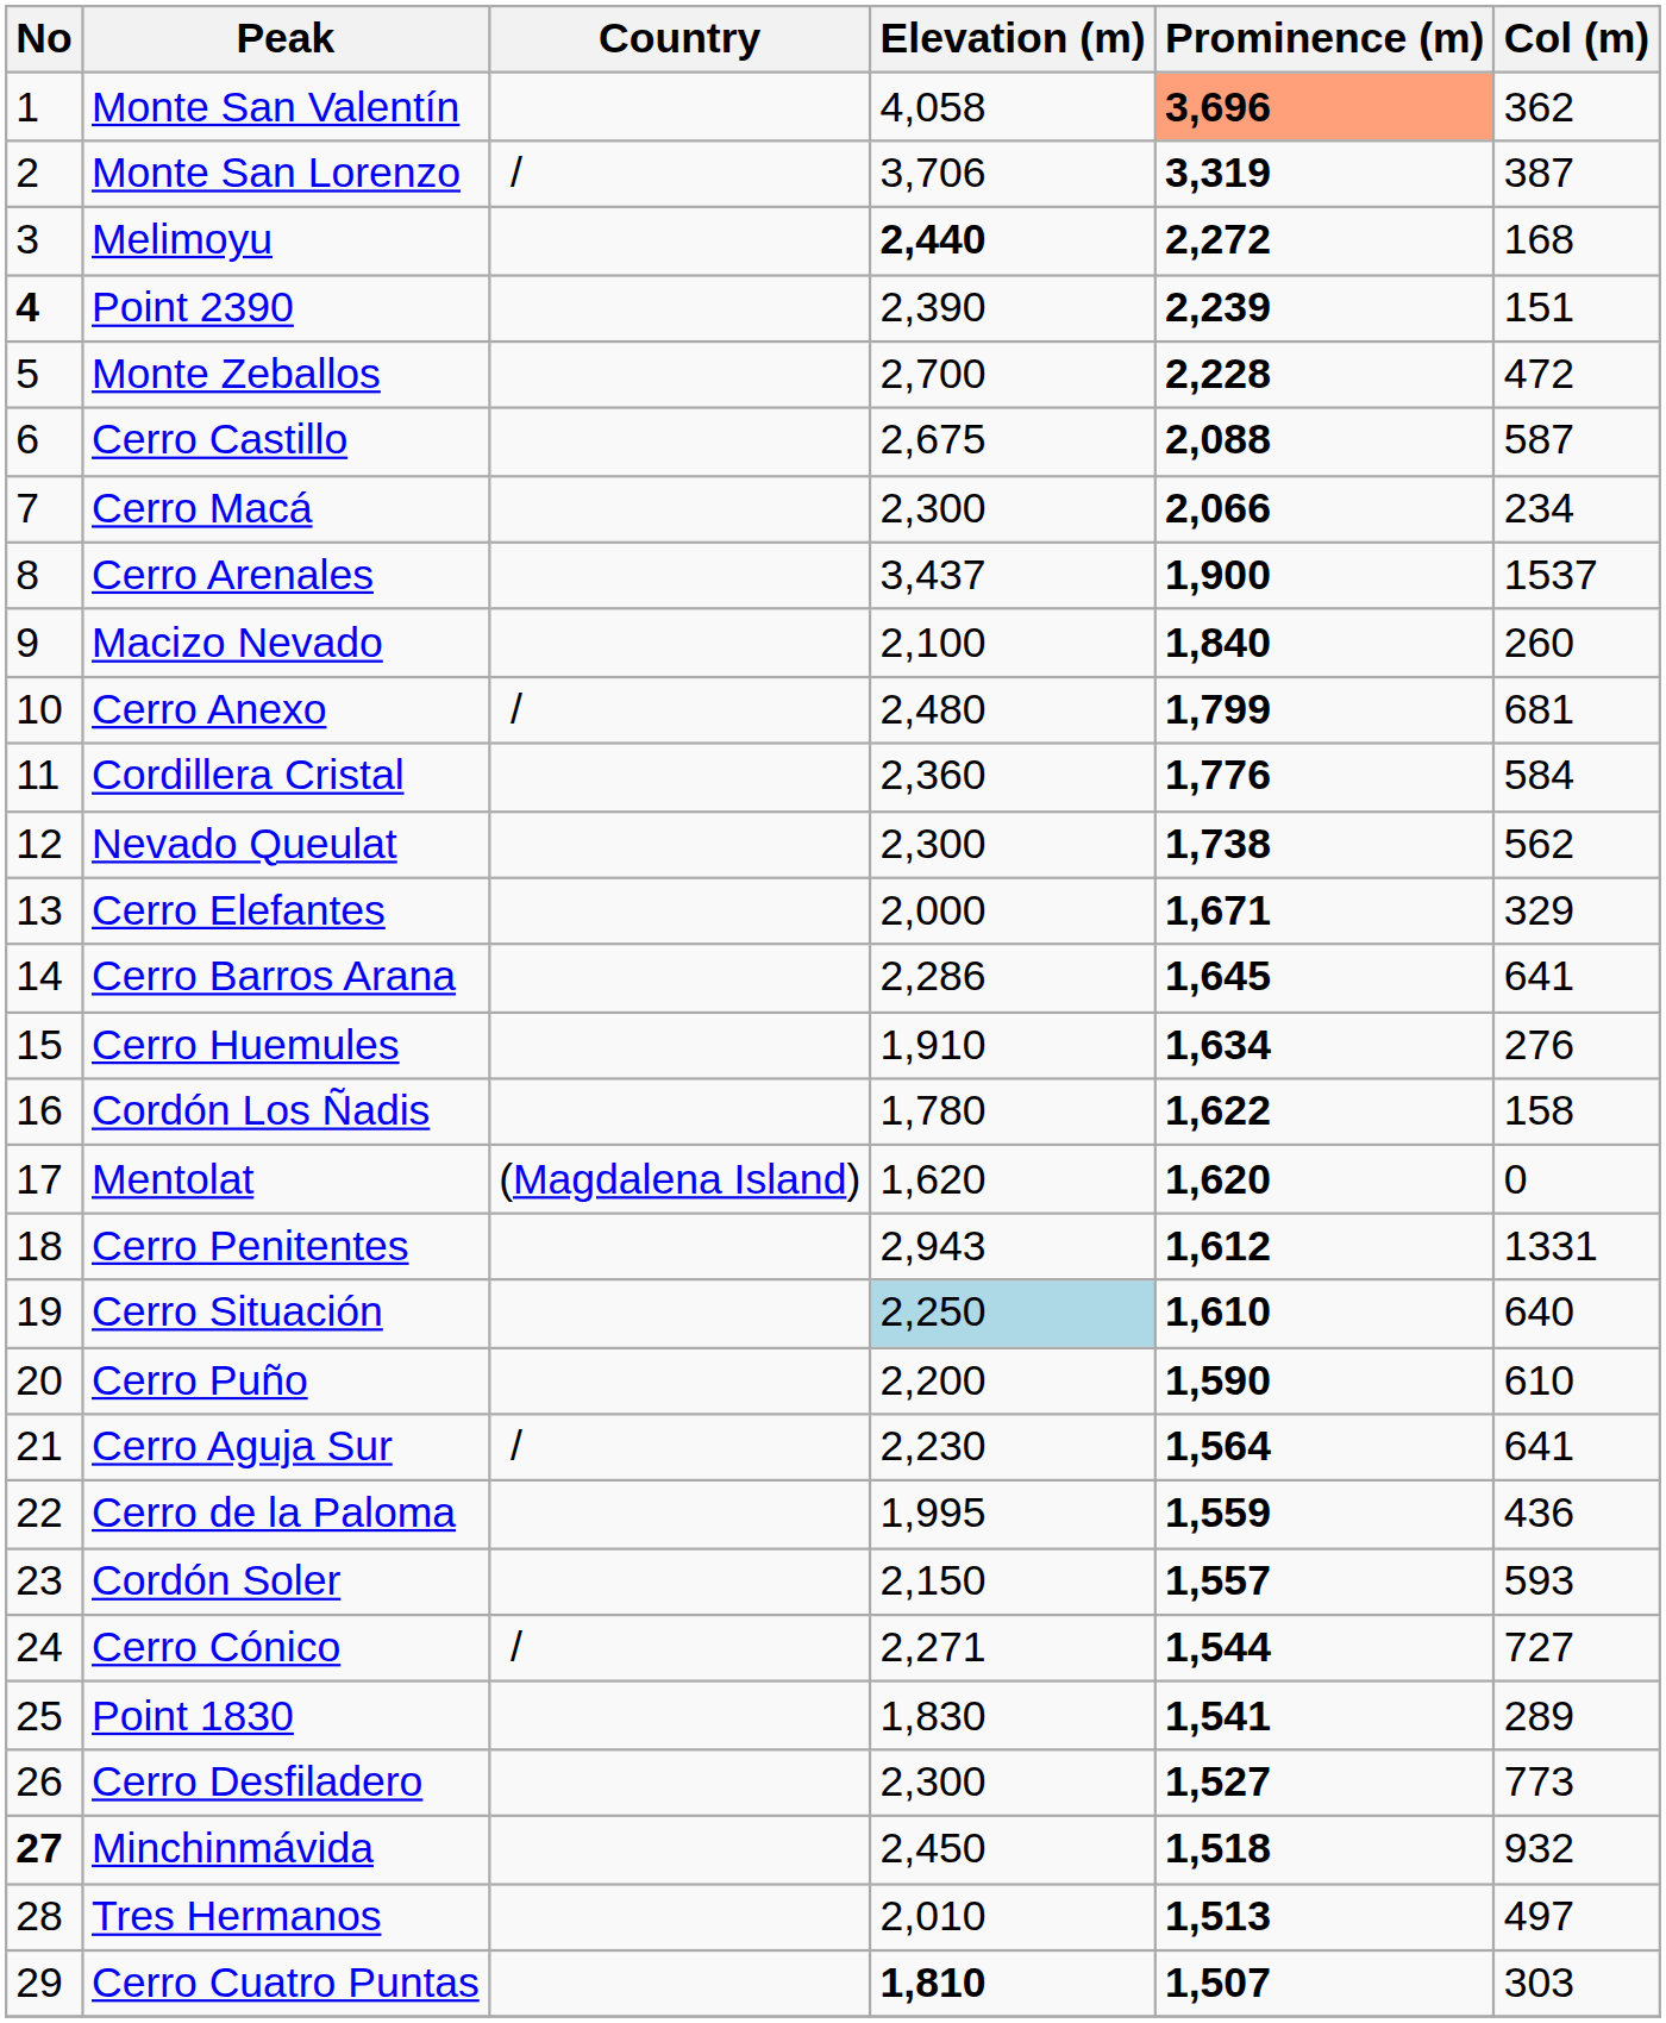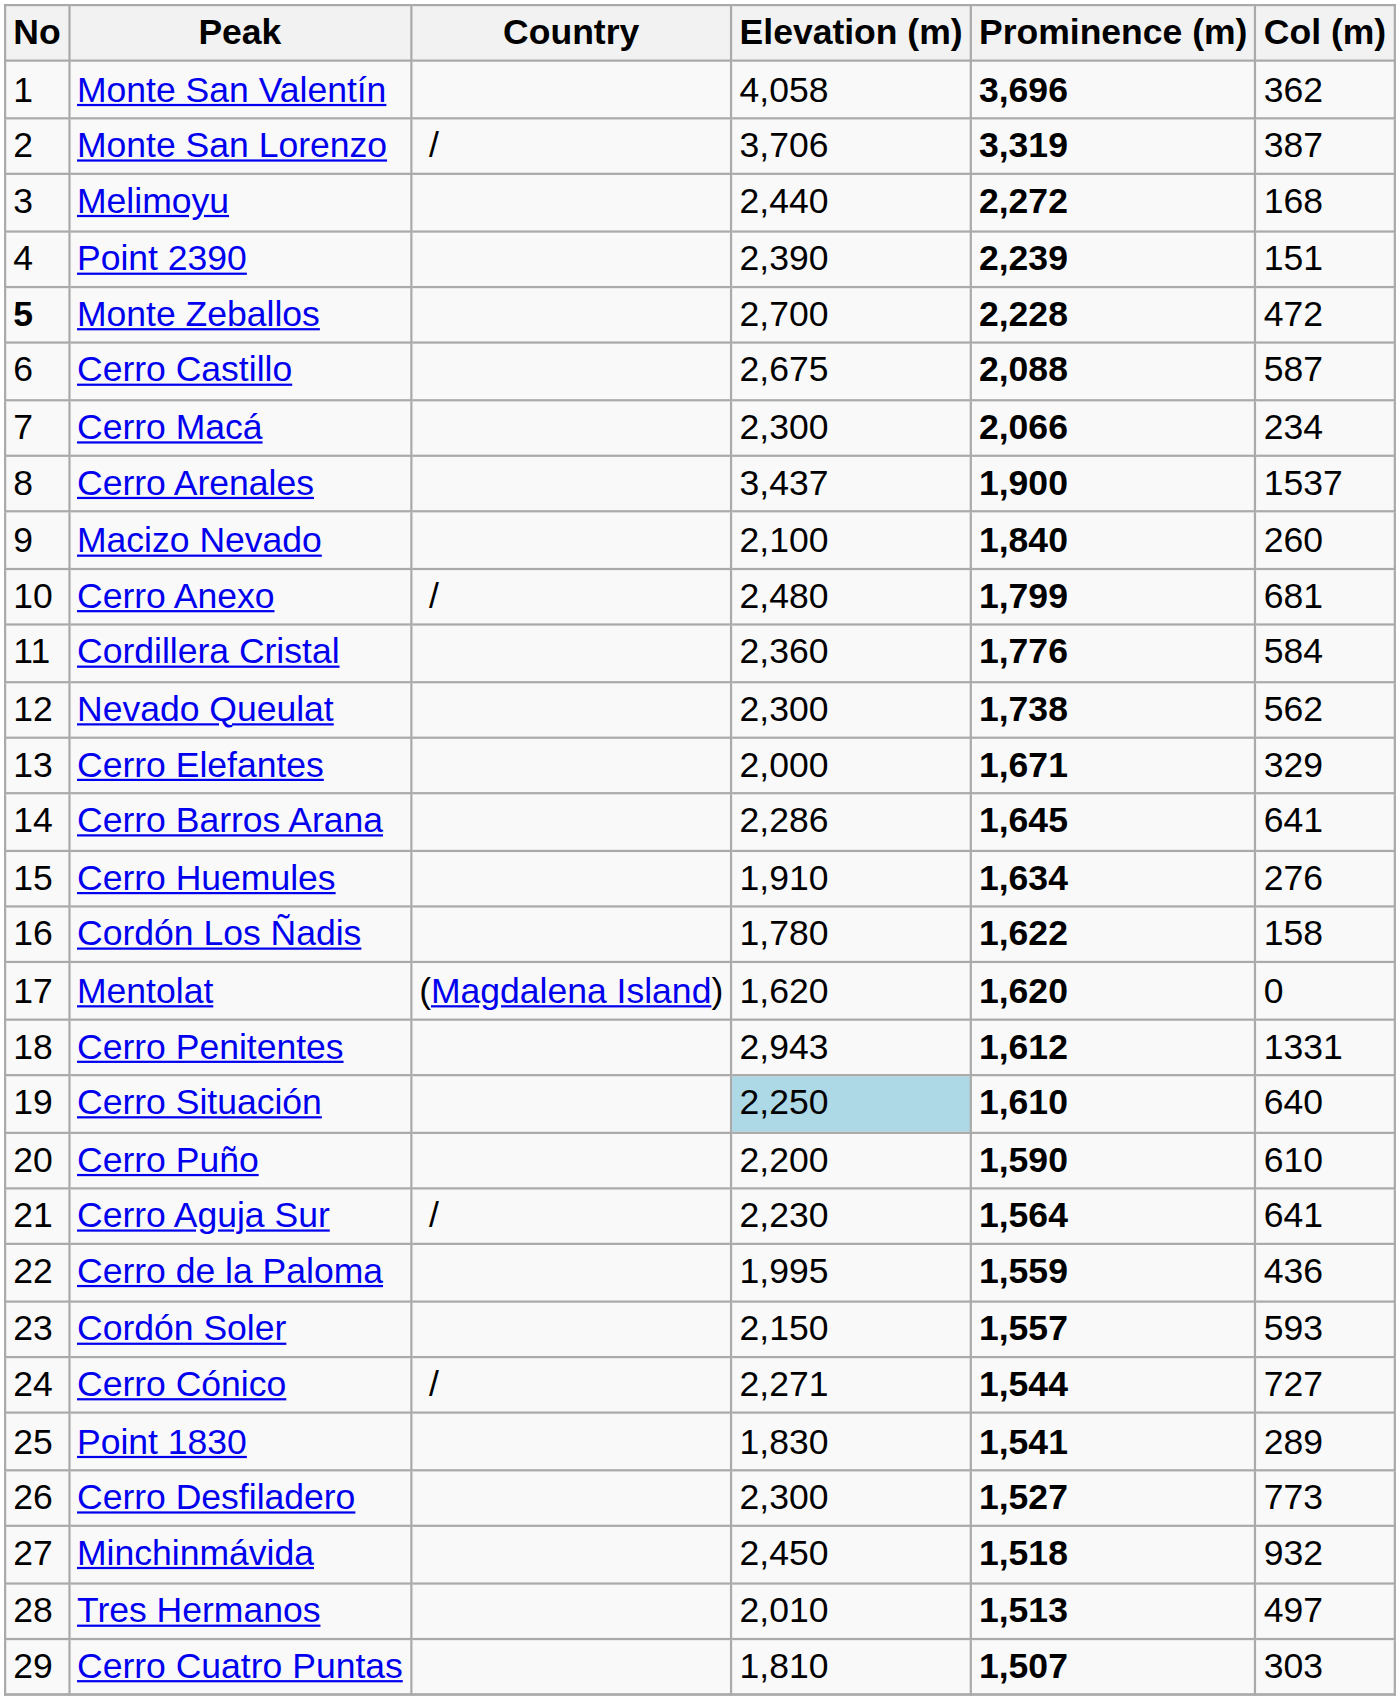 <table class="wikitable sortable">
 <tr>
 <th>No</th>
 <th>Peak</th>
 <th>Country</th>
 <th>Elevation (m)</th>
 <th>Prominence (m)</th>
 <th>Col (m)</th>
 </tr>
 <tr>
 <td>1</td>
 <td><a href='#'>Monte San Valentín</a></td>
 <td></td>
 <td>4,058</td>
-<td style="background: lightsalmon;"><strong>3,696</strong></td>
+<td><strong>3,696</strong></td>
 <td>362</td>
 </tr>
 <tr>
 <td>2</td>
 <td><a href='#'>Monte San Lorenzo</a></td>
 <td> / </td>
 <td>3,706</td>
 <td><strong>3,319</strong></td>
 <td>387</td>
 </tr>
 <tr>
 <td>3</td>
 <td><a href='#'>Melimoyu</a></td>
 <td></td>
-<td><strong>2,440</strong></td>
+<td>2,440</td>
 <td><strong>2,272</strong></td>
 <td>168</td>
 </tr>
 <tr>
-<td><strong>4</strong></td>
+<td>4</td>
 <td><a href='#'>Point 2390</a></td>
 <td></td>
 <td>2,390</td>
 <td><strong>2,239</strong></td>
 <td>151</td>
 </tr>
 <tr>
-<td>5</td>
+<td><strong>5</strong></td>
 <td><a href='#'>Monte Zeballos</a></td>
 <td></td>
 <td>2,700</td>
 <td><strong>2,228</strong></td>
 <td>472</td>
 </tr>
 <tr>
 <td>6</td>
 <td><a href='#'>Cerro Castillo</a></td>
 <td></td>
 <td>2,675</td>
 <td><strong>2,088</strong></td>
 <td>587</td>
 </tr>
 <tr>
 <td>7</td>
 <td><a href='#'>Cerro Macá</a></td>
 <td></td>
 <td>2,300</td>
 <td><strong>2,066</strong></td>
 <td>234</td>
 </tr>
 <tr>
 <td>8</td>
 <td><a href='#'>Cerro Arenales</a></td>
 <td></td>
 <td>3,437</td>
 <td><strong>1,900</strong></td>
 <td>1537</td>
 </tr>
 <tr>
 <td>9</td>
 <td><a href='#'>Macizo Nevado</a></td>
 <td></td>
 <td>2,100</td>
 <td><strong>1,840</strong></td>
 <td>260</td>
 </tr>
 <tr>
 <td>10</td>
 <td><a href='#'>Cerro Anexo</a></td>
 <td> / </td>
 <td>2,480</td>
 <td><strong>1,799</strong></td>
 <td>681</td>
 </tr>
 <tr>
 <td>11</td>
 <td><a href='#'>Cordillera Cristal</a></td>
 <td></td>
 <td>2,360</td>
 <td><strong>1,776</strong></td>
 <td>584</td>
 </tr>
 <tr>
 <td>12</td>
 <td><a href='#'>Nevado Queulat</a></td>
 <td></td>
 <td>2,300</td>
 <td><strong>1,738</strong></td>
 <td>562</td>
 </tr>
 <tr>
 <td>13</td>
 <td><a href='#'>Cerro Elefantes</a></td>
 <td></td>
 <td>2,000</td>
 <td><strong>1,671</strong></td>
 <td>329</td>
 </tr>
 <tr>
 <td>14</td>
 <td><a href='#'>Cerro Barros Arana</a></td>
 <td></td>
 <td>2,286</td>
 <td><strong>1,645</strong></td>
 <td>641</td>
 </tr>
 <tr>
 <td>15</td>
 <td><a href='#'>Cerro Huemules</a></td>
 <td></td>
 <td>1,910</td>
 <td><strong>1,634</strong></td>
 <td>276</td>
 </tr>
 <tr>
 <td>16</td>
 <td><a href='#'>Cordón Los Ñadis</a></td>
 <td></td>
 <td>1,780</td>
 <td><strong>1,622</strong></td>
 <td>158</td>
 </tr>
 <tr>
 <td>17</td>
 <td><a href='#'>Mentolat</a></td>
 <td> (<a href='#'>Magdalena Island</a>)</td>
 <td>1,620</td>
 <td><strong>1,620</strong></td>
 <td>0</td>
 </tr>
 <tr>
 <td>18</td>
 <td><a href='#'>Cerro Penitentes</a></td>
 <td></td>
 <td>2,943</td>
 <td><strong>1,612</strong></td>
 <td>1331</td>
 </tr>
 <tr>
 <td>19</td>
 <td><a href='#'>Cerro Situación</a></td>
 <td></td>
 <td style="background: lightblue;">2,250</td>
 <td><strong>1,610</strong></td>
 <td>640</td>
 </tr>
 <tr>
 <td>20</td>
 <td><a href='#'>Cerro Puño</a></td>
 <td></td>
 <td>2,200</td>
 <td><strong>1,590</strong></td>
 <td>610</td>
 </tr>
 <tr>
 <td>21</td>
 <td><a href='#'>Cerro Aguja Sur</a></td>
 <td> / </td>
 <td>2,230</td>
 <td><strong>1,564</strong></td>
 <td>641</td>
 </tr>
 <tr>
 <td>22</td>
 <td><a href='#'>Cerro de la Paloma</a></td>
 <td></td>
 <td>1,995</td>
 <td><strong>1,559</strong></td>
 <td>436</td>
 </tr>
 <tr>
 <td>23</td>
 <td><a href='#'>Cordón Soler</a></td>
 <td></td>
 <td>2,150</td>
 <td><strong>1,557</strong></td>
 <td>593</td>
 </tr>
 <tr>
 <td>24</td>
 <td><a href='#'>Cerro Cónico</a></td>
 <td> / </td>
 <td>2,271</td>
 <td><strong>1,544</strong></td>
 <td>727</td>
 </tr>
 <tr>
 <td>25</td>
 <td><a href='#'>Point 1830</a></td>
 <td></td>
 <td>1,830</td>
 <td><strong>1,541</strong></td>
 <td>289</td>
 </tr>
 <tr>
 <td>26</td>
 <td><a href='#'>Cerro Desfiladero</a></td>
 <td></td>
 <td>2,300</td>
 <td><strong>1,527</strong></td>
 <td>773</td>
 </tr>
 <tr>
-<td><strong>27</strong></td>
+<td>27</td>
 <td><a href='#'>Minchinmávida</a></td>
 <td></td>
 <td>2,450</td>
 <td><strong>1,518</strong></td>
 <td>932</td>
 </tr>
 <tr>
 <td>28</td>
 <td><a href='#'>Tres Hermanos</a></td>
 <td></td>
 <td>2,010</td>
 <td><strong>1,513</strong></td>
 <td>497</td>
 </tr>
 <tr>
 <td>29</td>
 <td><a href='#'>Cerro Cuatro Puntas</a></td>
 <td></td>
-<td><strong>1,810</strong></td>
+<td>1,810</td>
 <td><strong>1,507</strong></td>
 <td>303</td>
 </tr>
 <tr>
 </tr>
 </table>
